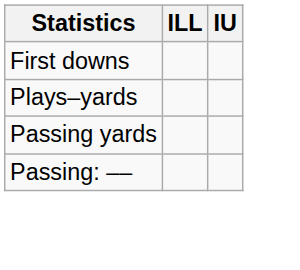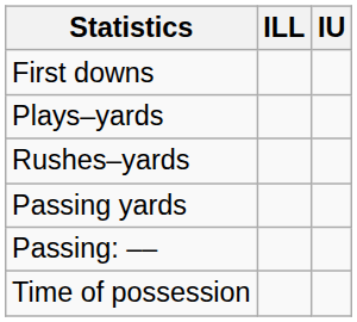 <table class="wikitable" style="float:left">
 <tr>
 <th>Statistics</th>
 <th>ILL</th>
 <th>IU</th>
 </tr>
 <tr>
 <td>First downs</td>
 <td></td>
 <td></td>
 </tr>
 <tr>
 <td>Plays–yards</td>
 <td></td>
 <td></td>
 </tr>
 <tr>
+<td>Rushes–yards</td>
+<td></td>
+<td></td>
+</tr>
+<tr>
 <td>Passing yards</td>
 <td></td>
 <td></td>
 </tr>
 <tr>
 <td>Passing: ––</td>
 <td></td>
 <td></td>
 </tr>
+<tr>
+<td>Time of possession</td>
+<td></td>
+<td></td>
+</tr>
 </table>
